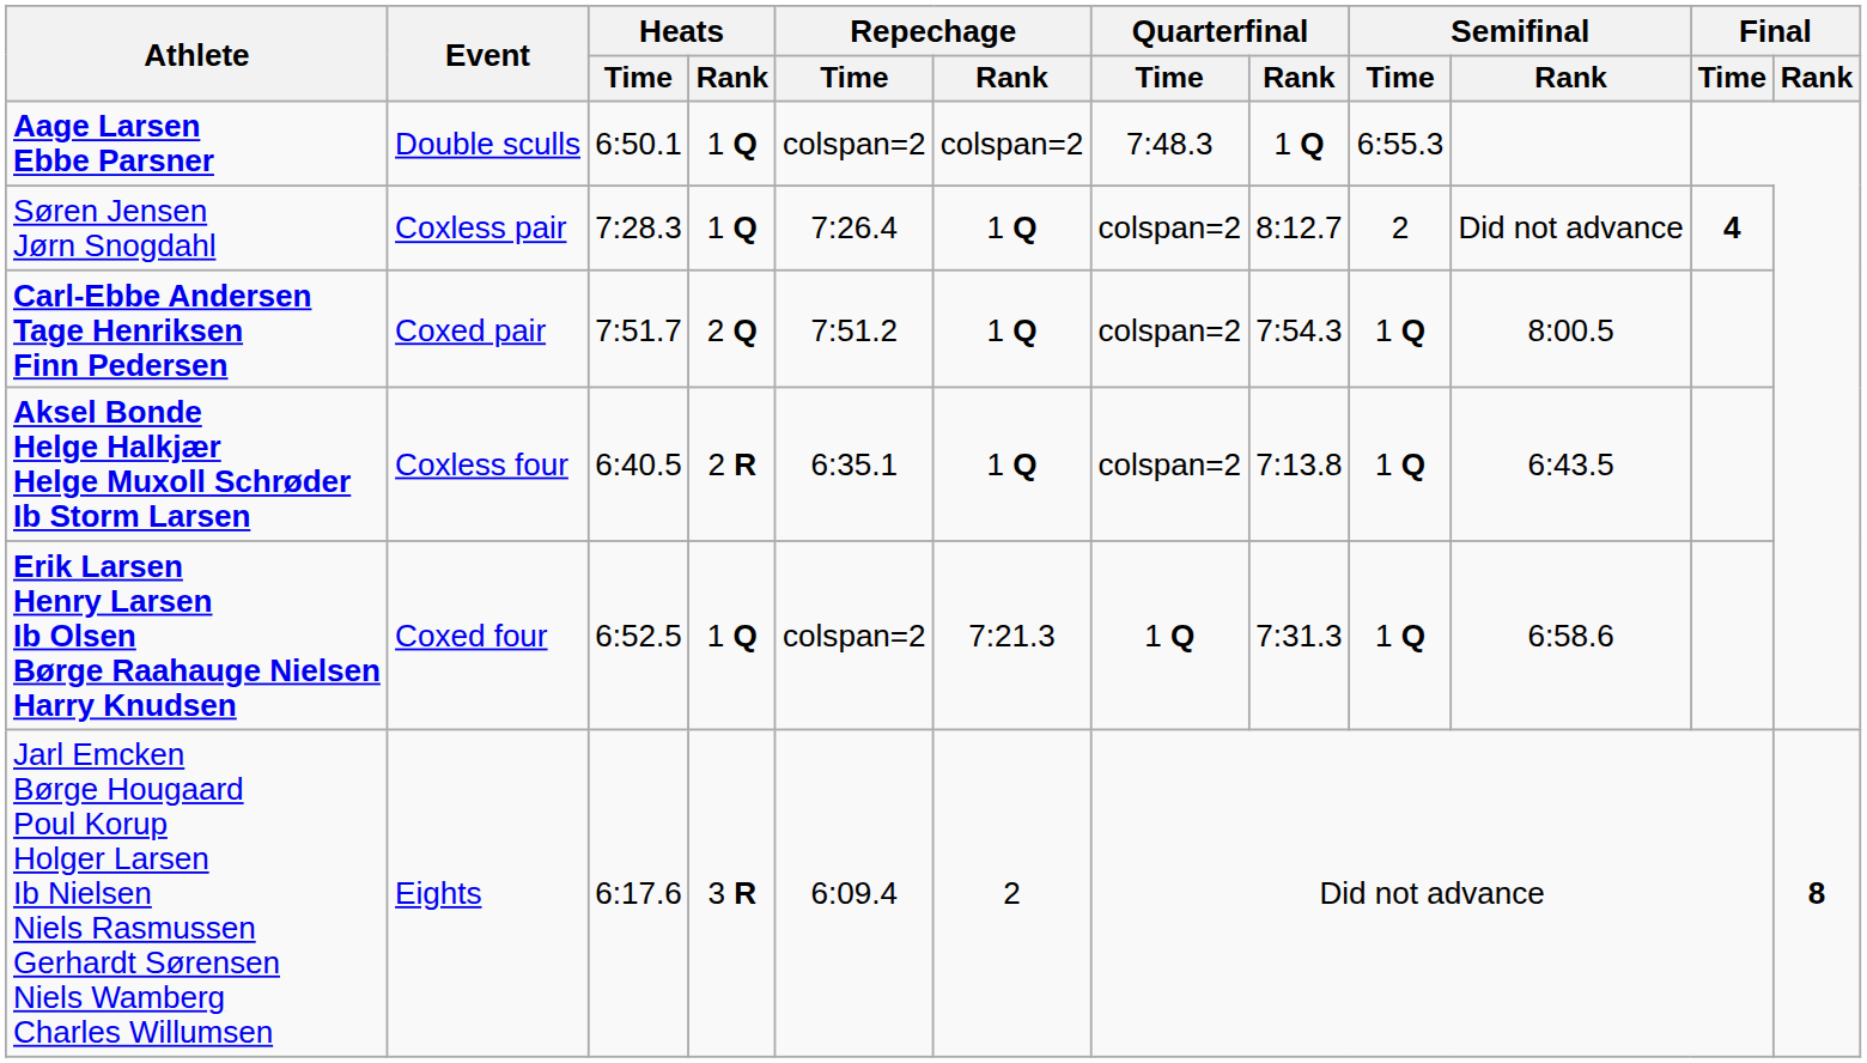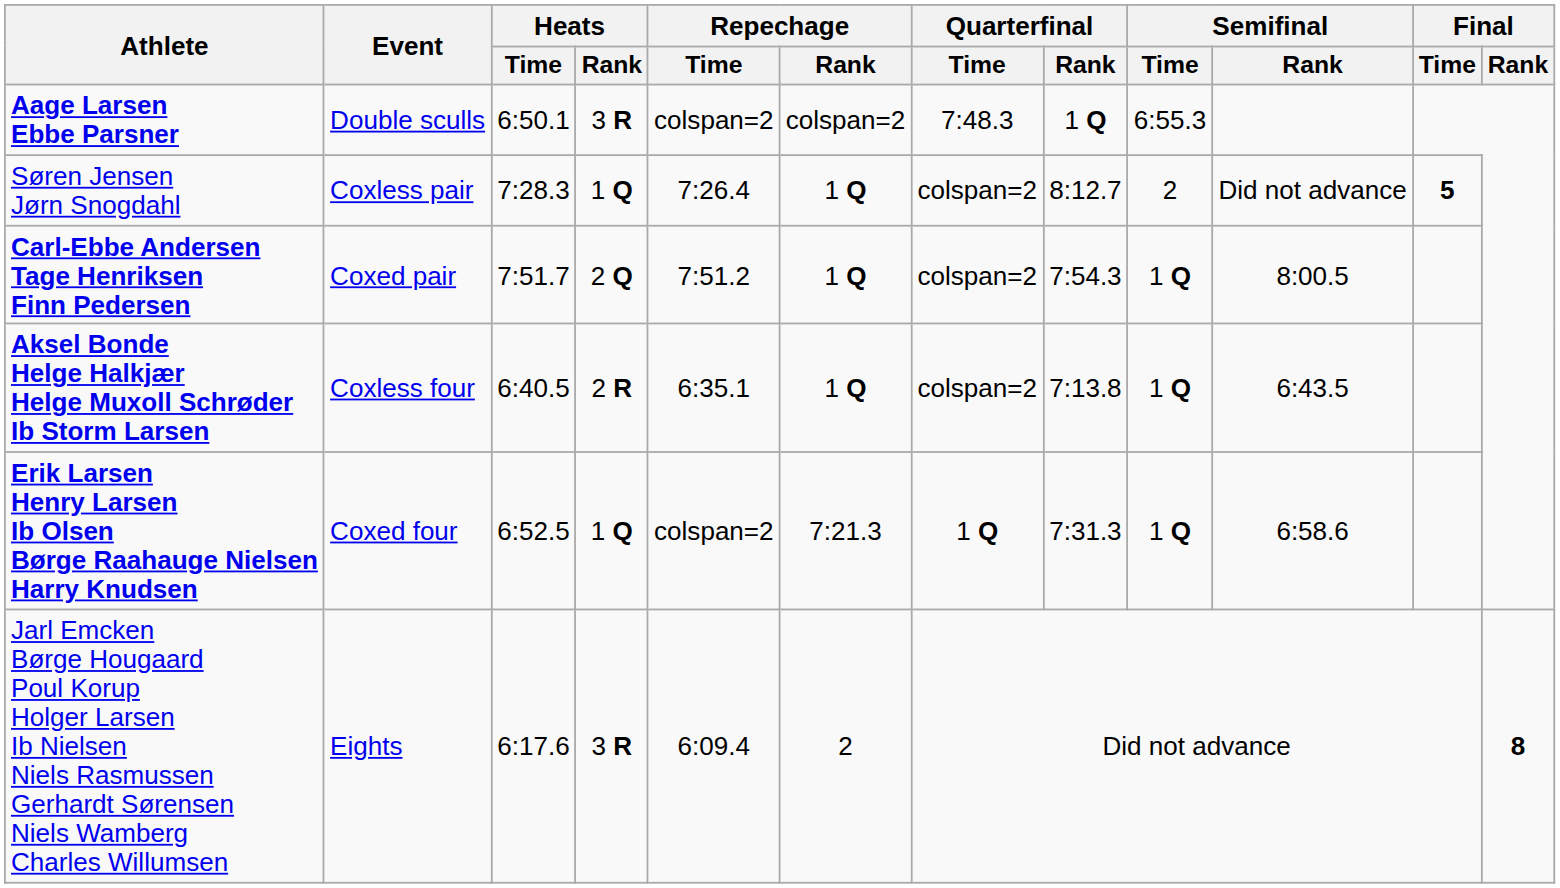 <table class="wikitable" style="font-size:90%">
 <tr>
 <th rowspan="2">Athlete</th>
 <th rowspan="2">Event</th>
 <th colspan="2">Heats</th>
 <th colspan="2">Repechage</th>
 <th colspan="2">Quarterfinal</th>
 <th colspan="2">Semifinal</th>
 <th colspan="2">Final</th>
 </tr>
 <tr style="font-size:95%">
 <th>Time</th>
 <th>Rank</th>
 <th>Time</th>
 <th>Rank</th>
 <th>Time</th>
 <th>Rank</th>
 <th>Time</th>
 <th>Rank</th>
 <th>Time</th>
 <th>Rank</th>
 </tr>
 <tr align=center>
 <td align=left><strong><a href='#'>Aage Larsen</a><br><a href='#'>Ebbe Parsner</a></strong></td>
 <td align=left><a href='#'>Double sculls</a></td>
 <td>6:50.1</td>
-<td>1 <strong>Q</strong></td>
+<td>3 <strong>R</strong></td>
 <td>colspan=2 </td>
 <td>colspan=2 </td>
 <td>7:48.3</td>
 <td>1 <strong>Q</strong></td>
 <td>6:55.3</td>
 <td></td>
 </tr>
 <tr align=center>
 <td align=left><a href='#'>Søren Jensen</a><br><a href='#'>Jørn Snogdahl</a></td>
 <td align=left><a href='#'>Coxless pair</a></td>
 <td>7:28.3</td>
 <td>1 <strong>Q</strong></td>
 <td>7:26.4</td>
 <td>1 <strong>Q</strong></td>
 <td>colspan=2 </td>
 <td>8:12.7</td>
 <td>2</td>
 <td colspan=1>Did not advance</td>
-<td><strong>4</strong></td>
+<td><strong>5</strong></td>
 </tr>
 <tr align=center>
 <td align=left><strong><a href='#'>Carl-Ebbe Andersen</a><br><a href='#'>Tage Henriksen</a><br><a href='#'>Finn Pedersen</a></strong></td>
 <td align=left><a href='#'>Coxed pair</a></td>
 <td>7:51.7</td>
 <td>2 <strong>Q</strong></td>
 <td>7:51.2</td>
 <td>1 <strong>Q</strong></td>
 <td>colspan=2 </td>
 <td>7:54.3</td>
 <td>1 <strong>Q</strong></td>
 <td>8:00.5</td>
 <td></td>
 </tr>
 <tr align=center>
 <td align=left><strong><a href='#'>Aksel Bonde</a><br><a href='#'>Helge Halkjær</a><br><a href='#'>Helge Muxoll Schrøder</a><br><a href='#'>Ib Storm Larsen</a></strong></td>
 <td align=left><a href='#'>Coxless four</a></td>
 <td>6:40.5</td>
 <td>2 <strong>R</strong></td>
 <td>6:35.1</td>
 <td>1 <strong>Q</strong></td>
 <td>colspan=2 </td>
 <td>7:13.8</td>
 <td>1 <strong>Q</strong></td>
 <td>6:43.5</td>
 <td></td>
 </tr>
 <tr align=center>
 <td align=left><strong><a href='#'>Erik Larsen</a><br><a href='#'>Henry Larsen</a><br><a href='#'>Ib Olsen</a><br><a href='#'>Børge Raahauge Nielsen</a><br><a href='#'>Harry Knudsen</a></strong></td>
 <td align=left><a href='#'>Coxed four</a></td>
 <td>6:52.5</td>
 <td>1 <strong>Q</strong></td>
 <td>colspan=2 </td>
 <td>7:21.3</td>
 <td>1 <strong>Q</strong></td>
 <td>7:31.3</td>
 <td>1 <strong>Q</strong></td>
 <td>6:58.6</td>
 <td></td>
 </tr>
 <tr align=center>
 <td align=left><a href='#'>Jarl Emcken</a><br><a href='#'>Børge Hougaard</a><br><a href='#'>Poul Korup</a><br><a href='#'>Holger Larsen</a><br><a href='#'>Ib Nielsen</a><br><a href='#'>Niels Rasmussen</a><br><a href='#'>Gerhardt Sørensen</a><br><a href='#'>Niels Wamberg</a><br><a href='#'>Charles Willumsen</a></td>
 <td align=left><a href='#'>Eights</a></td>
 <td>6:17.6</td>
 <td>3 <strong>R</strong></td>
 <td>6:09.4</td>
 <td>2</td>
 <td colspan=5>Did not advance</td>
 <td><strong>8</strong></td>
 </tr>
 </table>
